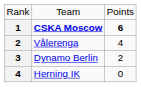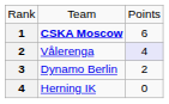 <table class="wikitable" style="text-align: center;">
 <tr>
 <td>Rank</td>
 <td>Team</td>
 <td>Points</td>
 </tr>
 <tr>
 <th>1</th>
 <td style="text-align: left;"> <strong><a href='#'>CSKA Moscow</a></strong></td>
-<td><strong>6</strong></td>
+<td>6</td>
 </tr>
 <tr>
 <th>2</th>
 <td style="text-align: left;"> <a href='#'>Vålerenga</a></td>
-<td>4</td>
+<td style="background: lavender;">4</td>
 </tr>
 <tr>
 <th>3</th>
 <td style="text-align: left;"> <a href='#'>Dynamo Berlin</a></td>
 <td>2</td>
 </tr>
 <tr>
 <th>4</th>
 <td style="text-align: left;"> <a href='#'>Herning IK</a></td>
 <td>0</td>
 </tr>
 </table>
